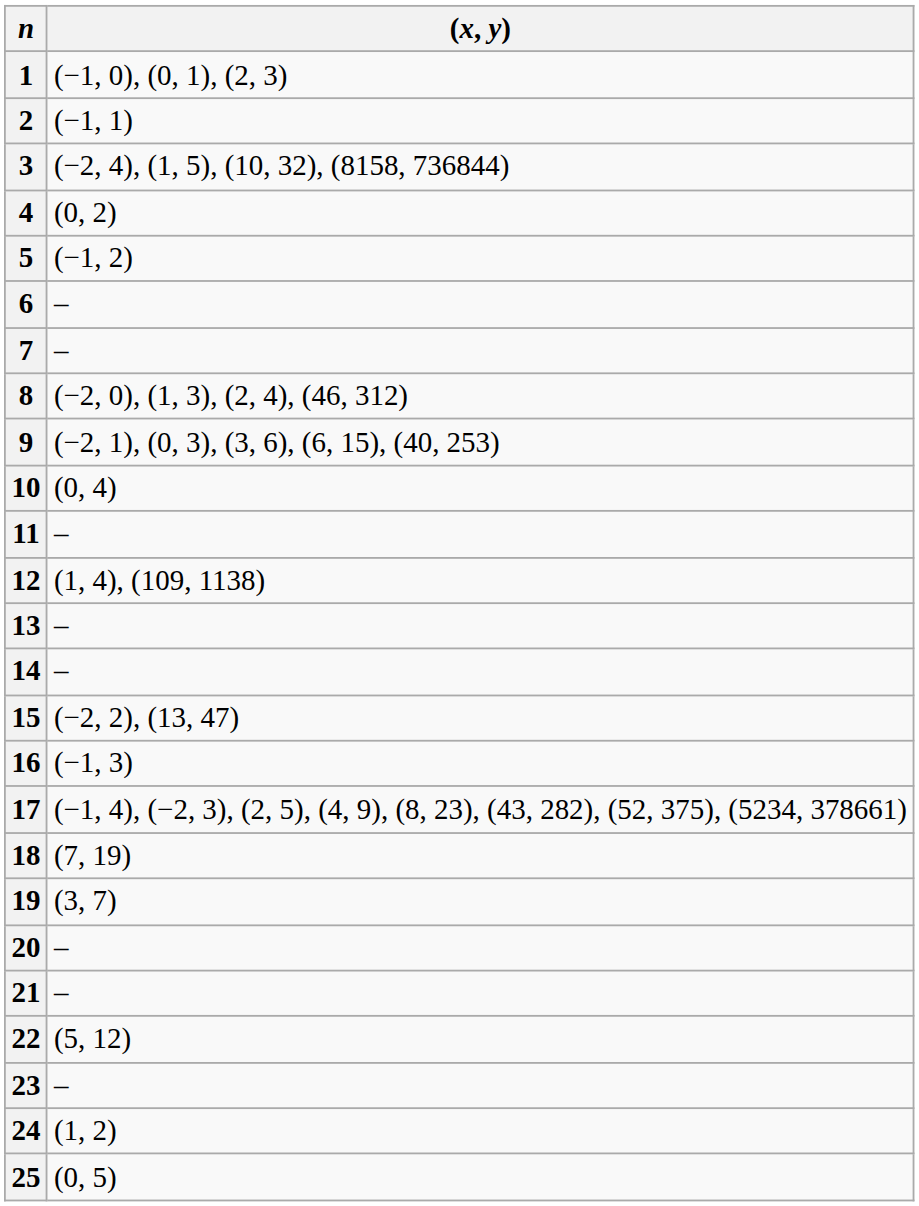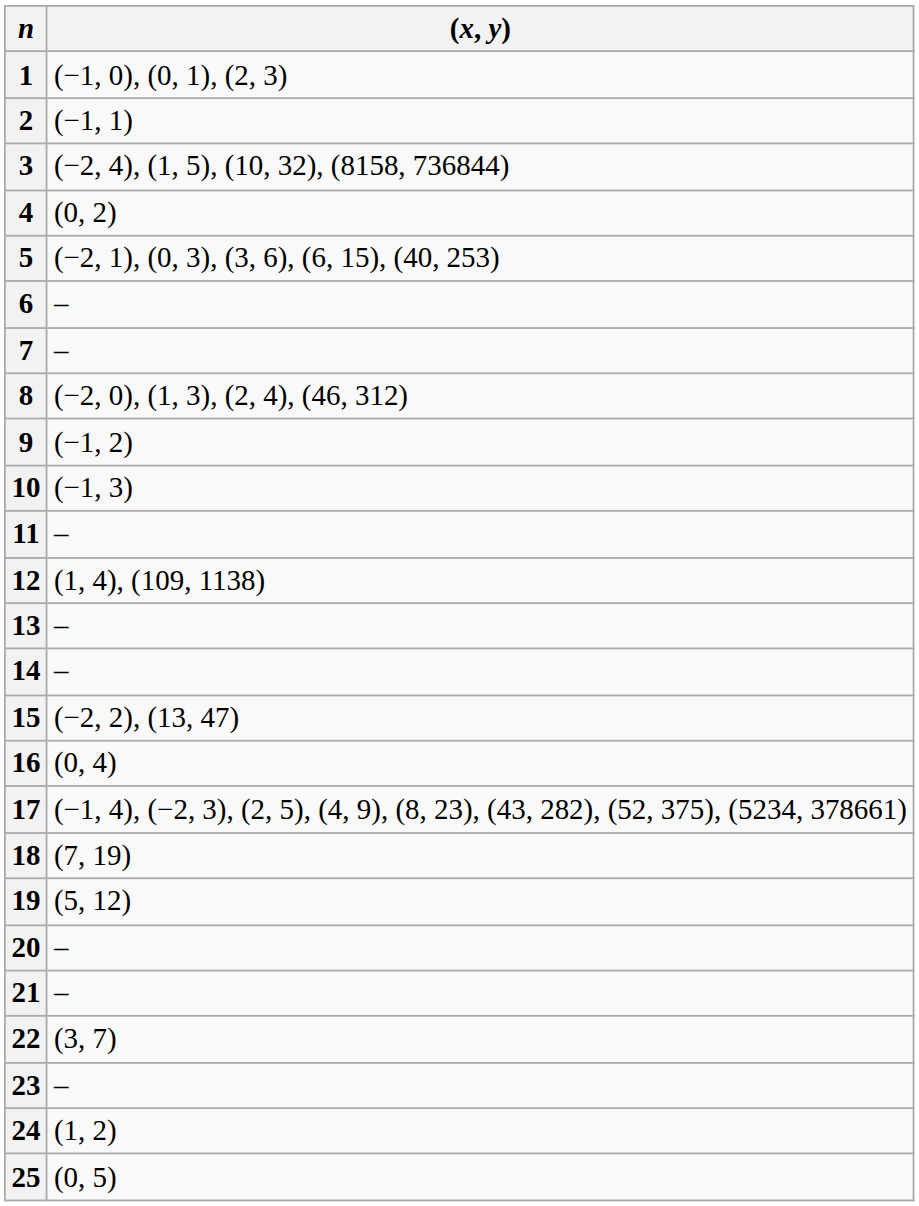 <table class="wikitable" style="text-align: left; display: inline-table;">
 <tr>
 <th><em>n</em></th>
 <th>(<em>x</em>, <em>y</em>)</th>
 </tr>
 <tr>
 <th>1</th>
 <td>(−1, 0),  (0, 1),  (2, 3)</td>
 </tr>
 <tr>
 <th>2</th>
 <td>(−1, 1)</td>
 </tr>
 <tr>
 <th>3</th>
 <td>(−2, 4),  (1, 5),  (10, 32),  (8158, 736844)</td>
 </tr>
 <tr>
 <th>4</th>
 <td>(0, 2)</td>
 </tr>
 <tr>
 <th>5</th>
-<td>(−1, 2)</td>
+<td>(−2, 1),  (0, 3),  (3, 6), (6, 15), (40, 253)</td>
 </tr>
 <tr>
 <th>6</th>
 <td>–</td>
 </tr>
 <tr>
 <th>7</th>
 <td>–</td>
 </tr>
 <tr>
 <th>8</th>
 <td>(−2, 0),  (1, 3),  (2, 4),  (46, 312)</td>
 </tr>
 <tr>
 <th>9</th>
-<td>(−2, 1),  (0, 3),  (3, 6), (6, 15), (40, 253)</td>
+<td>(−1, 2)</td>
 </tr>
 <tr>
 <th>10</th>
-<td>(0, 4)</td>
+<td>(−1, 3)</td>
 </tr>
 <tr>
 <th>11</th>
 <td>–</td>
 </tr>
 <tr>
 <th>12</th>
 <td>(1, 4),  (109, 1138)</td>
 </tr>
 <tr>
 <th>13</th>
 <td>–</td>
 </tr>
 <tr>
 <th>14</th>
 <td>–</td>
 </tr>
 <tr>
 <th>15</th>
 <td>(−2, 2),  (13, 47)</td>
 </tr>
 <tr>
 <th>16</th>
-<td>(−1, 3)</td>
+<td>(0, 4)</td>
 </tr>
 <tr>
 <th>17</th>
 <td>(−1, 4),  (−2, 3),  (2, 5),  (4, 9), (8, 23), (43, 282),  (52, 375),  (5234, 378661)</td>
 </tr>
 <tr>
 <th>18</th>
 <td>(7, 19)</td>
 </tr>
 <tr>
 <th>19</th>
-<td>(3, 7)</td>
+<td>(5, 12)</td>
 </tr>
 <tr>
 <th>20</th>
 <td>–</td>
 </tr>
 <tr>
 <th>21</th>
 <td>–</td>
 </tr>
 <tr>
 <th>22</th>
-<td>(5, 12)</td>
+<td>(3, 7)</td>
 </tr>
 <tr>
 <th>23</th>
 <td>–</td>
 </tr>
 <tr>
 <th>24</th>
 <td>(1, 2)</td>
 </tr>
 <tr>
 <th>25</th>
 <td>(0, 5)</td>
 </tr>
 </table>
